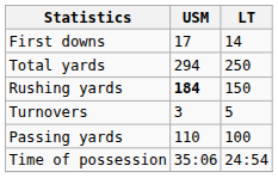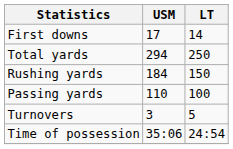 <table class="wikitable">
 <tr>
 <th>Statistics</th>
 <th>USM</th>
 <th>LT</th>
 </tr>
 <tr>
 <td>First downs</td>
 <td>17</td>
 <td>14</td>
 </tr>
 <tr>
 <td>Total yards</td>
 <td>294</td>
 <td>250</td>
 </tr>
 <tr>
 <td>Rushing yards</td>
-<td><strong>184</strong></td>
+<td>184</td>
 <td>150</td>
+</tr>
+<tr>
+<td>Passing yards</td>
+<td>110</td>
+<td>100</td>
 </tr>
 <tr>
 <td>Turnovers</td>
 <td>3</td>
 <td>5</td>
-</tr>
-<tr>
-<td>Passing yards</td>
-<td>110</td>
-<td>100</td>
 </tr>
 <tr>
 <td>Time of possession</td>
 <td>35:06</td>
 <td>24:54</td>
 </tr>
 <tr>
 </tr>
 </table>
